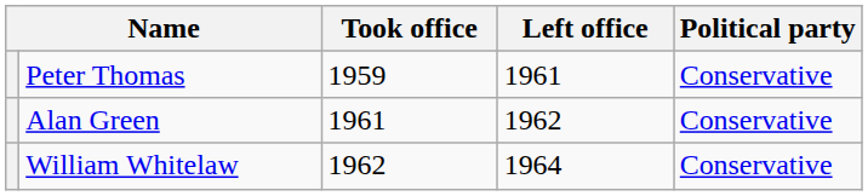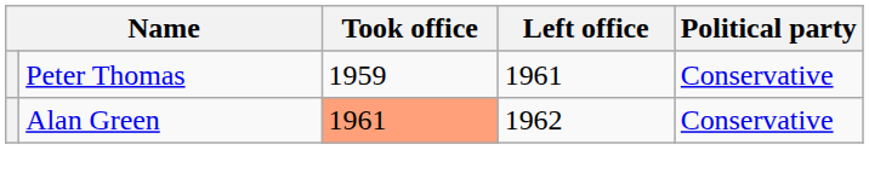 <table class="wikitable">
 <tr>
 <th colspan=2>Name</th>
 <th width=90>Took office</th>
 <th width=90>Left office</th>
 <th>Political party</th>
 </tr>
 <tr>
 <th style="background-color: "></th>
 <td width=160><a href='#'>Peter Thomas</a></td>
 <td>1959</td>
 <td>1961</td>
 <td><a href='#'>Conservative</a></td>
 </tr>
 <tr>
 <th style="background-color: "></th>
 <td width=160><a href='#'>Alan Green</a></td>
-<td>1961</td>
+<td style="background: lightsalmon;">1961</td>
 <td>1962</td>
 <td><a href='#'>Conservative</a></td>
 </tr>
-<tr>
-<th style="background-color: "></th>
-<td width=160><a href='#'>William Whitelaw</a></td>
-<td>1962</td>
-<td>1964</td>
-<td><a href='#'>Conservative</a></td>
-</tr>
 </table>
